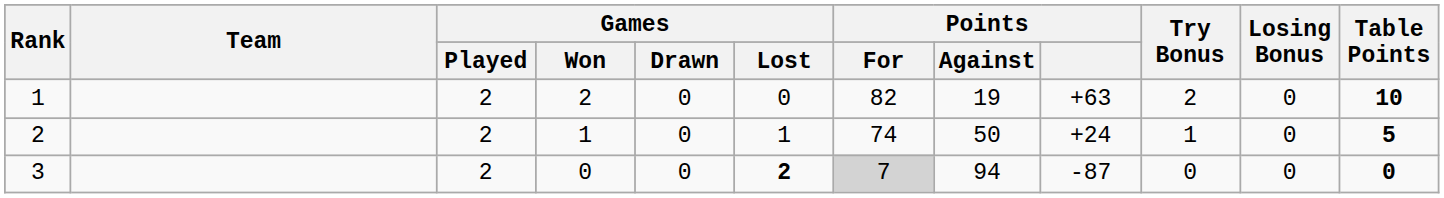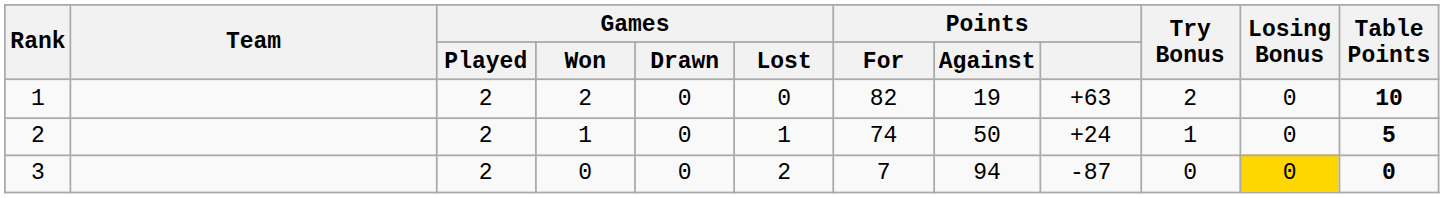 <table class="wikitable"  style="text-align: center;">
 <tr>
 <th rowspan="2" width="20">Rank</th>
 <th rowspan="2" width="200">Team</th>
 <th colspan="4">Games</th>
 <th colspan="3">Points</th>
 <th rowspan="2" width="50">Try Bonus</th>
 <th rowspan="2" width="50">Losing Bonus</th>
 <th rowspan="2" width="50">Table Points</th>
 </tr>
 <tr>
 <th width="50">Played</th>
 <th width="50">Won</th>
 <th width="50">Drawn</th>
 <th width="50">Lost</th>
 <th width="50">For</th>
 <th width="50">Against</th>
 <th width="50"></th>
 </tr>
 <tr>
 <td>1</td>
 <td align="left"></td>
 <td>2</td>
 <td>2</td>
 <td>0</td>
 <td>0</td>
 <td>82</td>
 <td>19</td>
 <td>+63</td>
 <td>2</td>
 <td>0</td>
 <td><strong>10</strong></td>
 </tr>
 <tr>
 <td>2</td>
 <td align="left"></td>
 <td>2</td>
 <td>1</td>
 <td>0</td>
 <td>1</td>
 <td>74</td>
 <td>50</td>
 <td>+24</td>
 <td>1</td>
 <td>0</td>
 <td><strong>5</strong></td>
 </tr>
 <tr>
 <td>3</td>
 <td align="left"></td>
 <td>2</td>
 <td>0</td>
 <td>0</td>
-<td><strong>2</strong></td>
-<td style="background: lightgrey;">7</td>
+<td>2</td>
+<td>7</td>
 <td>94</td>
 <td>-87</td>
 <td>0</td>
-<td>0</td>
+<td style="background: gold;">0</td>
 <td><strong>0</strong></td>
 </tr>
 </table>
